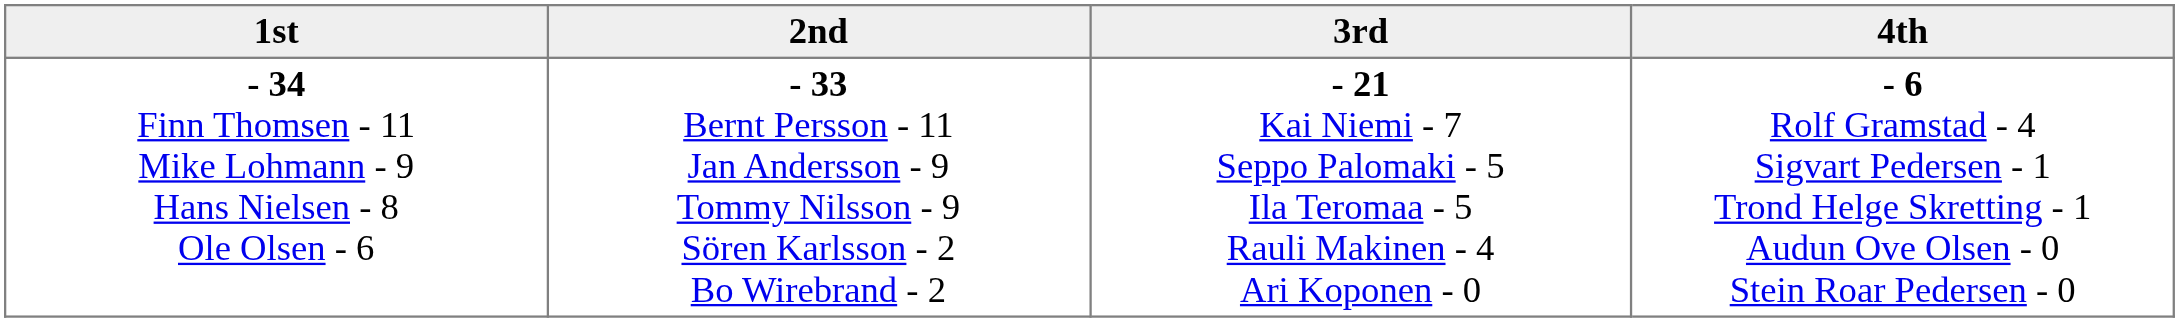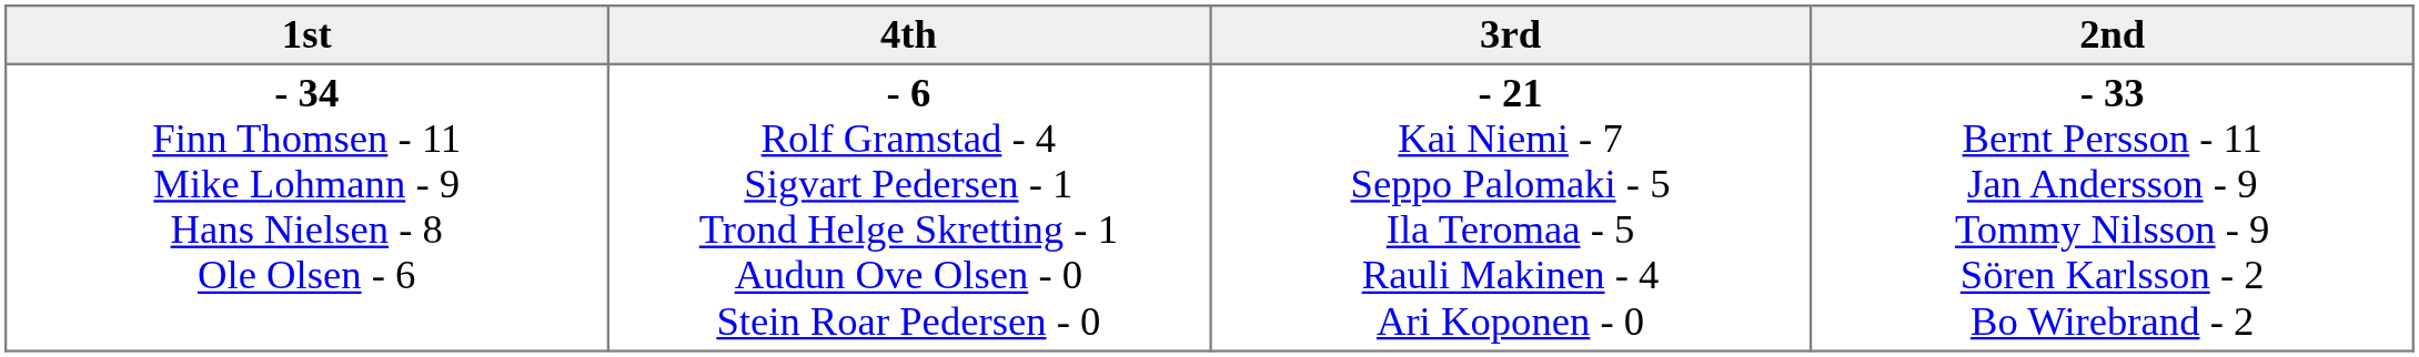 <table border=1 cellpadding=2 cellspacing=0 width=75% style="border-collapse:collapse">
 <tr align=center style="background:#efefef;">
 <th width=20% >1st</th>
+<th width=20%>4th</th>
+<th width=20% >3rd</th>
 <th width=20% >2nd</th>
-<th width=20% >3rd</th>
-<th width=20%>4th</th>
 </tr>
 <tr align=center>
 <td valign=top ><strong> - 34</strong><br><a href='#'>Finn Thomsen</a> - 11<br><a href='#'>Mike Lohmann</a> - 9<br><a href='#'>Hans Nielsen</a> - 8<br><a href='#'>Ole Olsen</a> - 6</td>
+<td valign=top><strong> - 6</strong><br><a href='#'>Rolf Gramstad</a> - 4<br><a href='#'>Sigvart Pedersen</a> - 1<br><a href='#'>Trond Helge Skretting</a> - 1<br><a href='#'>Audun Ove Olsen</a>  - 0<br><a href='#'>Stein Roar Pedersen</a> - 0</td>
+<td valign=top ><strong> - 21</strong><br><a href='#'>Kai Niemi</a> - 7<br><a href='#'>Seppo Palomaki</a> - 5<br><a href='#'>Ila Teromaa</a> - 5<br><a href='#'>Rauli Makinen</a> - 4<br><a href='#'>Ari Koponen</a> - 0</td>
 <td valign=top ><strong> - 33</strong><br><a href='#'>Bernt Persson</a> - 11<br><a href='#'>Jan Andersson</a> - 9<br><a href='#'>Tommy Nilsson</a> - 9<br><a href='#'>Sören Karlsson</a> - 2<br><a href='#'>Bo Wirebrand</a> - 2</td>
-<td valign=top ><strong> - 21</strong><br><a href='#'>Kai Niemi</a> - 7<br><a href='#'>Seppo Palomaki</a> - 5<br><a href='#'>Ila Teromaa</a> - 5<br><a href='#'>Rauli Makinen</a> - 4<br><a href='#'>Ari Koponen</a> - 0</td>
-<td valign=top><strong> - 6</strong><br><a href='#'>Rolf Gramstad</a> - 4<br><a href='#'>Sigvart Pedersen</a> - 1<br><a href='#'>Trond Helge Skretting</a> - 1<br><a href='#'>Audun Ove Olsen</a>  - 0<br><a href='#'>Stein Roar Pedersen</a> - 0</td>
 </tr>
 </table>
